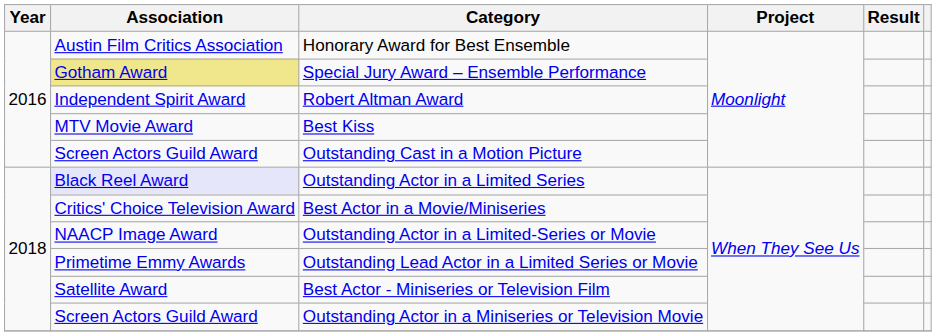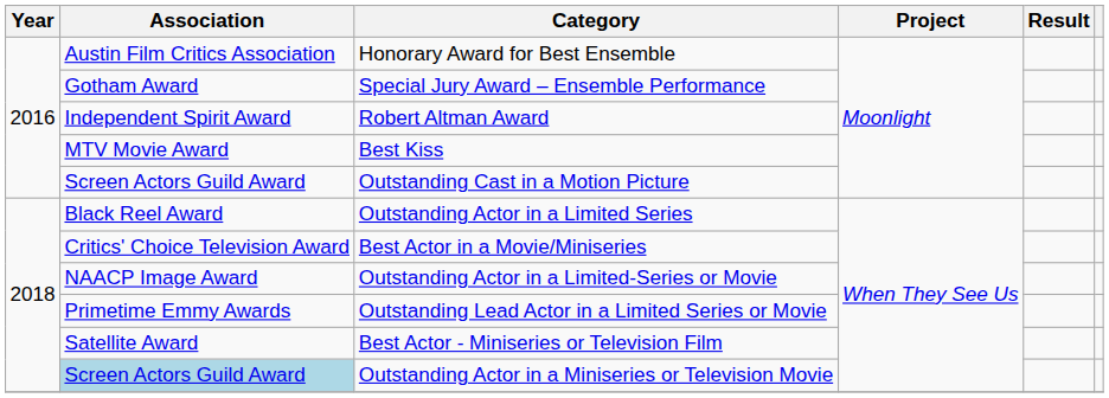 <table class="wikitable unsortable">
 <tr>
 <th>Year</th>
 <th>Association</th>
 <th>Category</th>
 <th>Project</th>
 <th class="unsortable">Result</th>
 <th class="unsortable"></th>
 </tr>
 <tr>
 <td rowspan=5>2016</td>
 <td><a href='#'>Austin Film Critics Association</a></td>
 <td>Honorary Award for Best Ensemble</td>
 <td rowspan=5><em><a href='#'>Moonlight</a></em></td>
 <td></td>
 <td></td>
 </tr>
 <tr>
-<td style="background: khaki;"><a href='#'>Gotham Award</a></td>
+<td><a href='#'>Gotham Award</a></td>
 <td><a href='#'>Special Jury Award – Ensemble Performance</a></td>
 <td></td>
 <td></td>
 </tr>
 <tr>
 <td><a href='#'>Independent Spirit Award</a></td>
 <td><a href='#'>Robert Altman Award</a></td>
 <td></td>
 <td></td>
 </tr>
 <tr>
 <td><a href='#'>MTV Movie Award</a></td>
 <td><a href='#'>Best Kiss</a></td>
 <td></td>
 <td></td>
 </tr>
 <tr>
 <td><a href='#'>Screen Actors Guild Award</a></td>
 <td><a href='#'>Outstanding Cast in a Motion Picture</a></td>
 <td></td>
 <td></td>
 </tr>
 <tr>
 <td rowspan=6>2018</td>
-<td style="background: lavender;"><a href='#'>Black Reel Award</a></td>
+<td><a href='#'>Black Reel Award</a></td>
 <td><a href='#'>Outstanding Actor in a Limited Series</a></td>
 <td rowspan=6><em><a href='#'>When They See Us</a></em></td>
 <td></td>
 <td></td>
 </tr>
 <tr>
 <td><a href='#'>Critics' Choice Television Award</a></td>
 <td><a href='#'>Best Actor in a Movie/Miniseries</a></td>
 <td></td>
 <td></td>
 </tr>
 <tr>
 <td><a href='#'>NAACP Image Award</a></td>
 <td><a href='#'>Outstanding Actor in a Limited-Series or Movie</a></td>
 <td></td>
 <td></td>
 </tr>
 <tr>
 <td><a href='#'>Primetime Emmy Awards</a></td>
 <td><a href='#'>Outstanding Lead Actor in a Limited Series or Movie</a></td>
 <td></td>
 <td></td>
 </tr>
 <tr>
 <td><a href='#'>Satellite Award</a></td>
 <td><a href='#'>Best Actor - Miniseries or Television Film</a></td>
 <td></td>
 <td></td>
 </tr>
 <tr>
-<td><a href='#'>Screen Actors Guild Award</a></td>
+<td style="background: lightblue;"><a href='#'>Screen Actors Guild Award</a></td>
 <td><a href='#'>Outstanding Actor in a Miniseries or Television Movie</a></td>
 <td></td>
 <td></td>
 </tr>
 <tr>
 </tr>
 </table>
